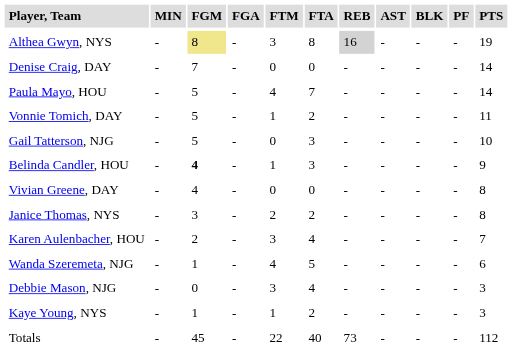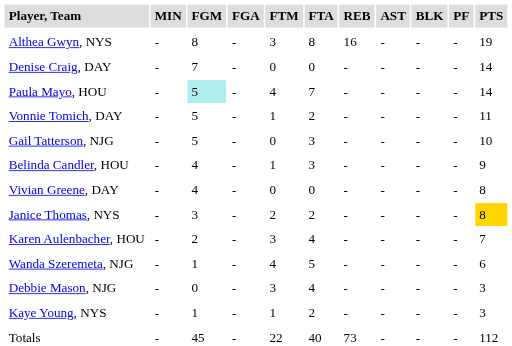 <table cellpadding=5>
 <tr bgcolor="#dddddd">
 <td><strong>Player, Team</strong></td>
 <td><strong>MIN</strong></td>
 <td><strong>FGM</strong></td>
 <td><strong>FGA</strong></td>
 <td><strong>FTM</strong></td>
 <td><strong>FTA</strong></td>
 <td><strong>REB</strong></td>
 <td><strong>AST</strong></td>
 <td><strong>BLK</strong></td>
 <td><strong>PF</strong></td>
 <td><strong>PTS</strong></td>
 </tr>
 <tr bgcolor="#eeeeee">
 </tr>
 <tr>
 <td><a href='#'>Althea Gwyn</a>, NYS</td>
 <td>-</td>
-<td style="background: khaki;">8</td>
+<td>8</td>
 <td>-</td>
 <td>3</td>
 <td>8</td>
-<td style="background: lightgrey;">16</td>
+<td>16</td>
 <td>-</td>
 <td>-</td>
 <td>-</td>
 <td>19</td>
 </tr>
 <tr>
 <td><a href='#'>Denise Craig</a>, DAY</td>
 <td>-</td>
 <td>7</td>
 <td>-</td>
 <td>0</td>
 <td>0</td>
 <td>-</td>
 <td>-</td>
 <td>-</td>
 <td>-</td>
 <td>14</td>
 </tr>
 <tr>
 <td><a href='#'>Paula Mayo</a>, HOU</td>
 <td>-</td>
-<td>5</td>
+<td style="background: paleturquoise;">5</td>
 <td>-</td>
 <td>4</td>
 <td>7</td>
 <td>-</td>
 <td>-</td>
 <td>-</td>
 <td>-</td>
 <td>14</td>
 </tr>
 <tr>
 <td><a href='#'>Vonnie Tomich</a>, DAY</td>
 <td>-</td>
 <td>5</td>
 <td>-</td>
 <td>1</td>
 <td>2</td>
 <td>-</td>
 <td>-</td>
 <td>-</td>
 <td>-</td>
 <td>11</td>
 </tr>
 <tr>
 <td><a href='#'>Gail Tatterson</a>, NJG</td>
 <td>-</td>
 <td>5</td>
 <td>-</td>
 <td>0</td>
 <td>3</td>
 <td>-</td>
 <td>-</td>
 <td>-</td>
 <td>-</td>
 <td>10</td>
 </tr>
 <tr>
 <td><a href='#'>Belinda Candler</a>, HOU</td>
 <td>-</td>
-<td><strong>4</strong></td>
+<td>4</td>
 <td>-</td>
 <td>1</td>
 <td>3</td>
 <td>-</td>
 <td>-</td>
 <td>-</td>
 <td>-</td>
 <td>9</td>
 </tr>
 <tr>
 <td><a href='#'>Vivian Greene</a>, DAY</td>
 <td>-</td>
 <td>4</td>
 <td>-</td>
 <td>0</td>
 <td>0</td>
 <td>-</td>
 <td>-</td>
 <td>-</td>
 <td>-</td>
 <td>8</td>
 </tr>
 <tr>
 <td><a href='#'>Janice Thomas</a>, NYS</td>
 <td>-</td>
 <td>3</td>
 <td>-</td>
 <td>2</td>
 <td>2</td>
 <td>-</td>
 <td>-</td>
 <td>-</td>
 <td>-</td>
-<td>8</td>
+<td style="background: gold;">8</td>
 </tr>
 <tr>
 <td><a href='#'>Karen Aulenbacher</a>, HOU</td>
 <td>-</td>
 <td>2</td>
 <td>-</td>
 <td>3</td>
 <td>4</td>
 <td>-</td>
 <td>-</td>
 <td>-</td>
 <td>-</td>
 <td>7</td>
 </tr>
 <tr>
 <td><a href='#'>Wanda Szeremeta</a>, NJG</td>
 <td>-</td>
 <td>1</td>
 <td>-</td>
 <td>4</td>
 <td>5</td>
 <td>-</td>
 <td>-</td>
 <td>-</td>
 <td>-</td>
 <td>6</td>
 </tr>
 <tr>
 <td><a href='#'>Debbie Mason</a>, NJG</td>
 <td>-</td>
 <td>0</td>
 <td>-</td>
 <td>3</td>
 <td>4</td>
 <td>-</td>
 <td>-</td>
 <td>-</td>
 <td>-</td>
 <td>3</td>
 </tr>
 <tr>
 <td><a href='#'>Kaye Young</a>, NYS</td>
 <td>-</td>
 <td>1</td>
 <td>-</td>
 <td>1</td>
 <td>2</td>
 <td>-</td>
 <td>-</td>
 <td>-</td>
 <td>-</td>
 <td>3</td>
 </tr>
 <tr>
 <td>Totals</td>
 <td>-</td>
 <td>45</td>
 <td>-</td>
 <td>22</td>
 <td>40</td>
 <td>73</td>
 <td>-</td>
 <td>-</td>
 <td>-</td>
 <td>112</td>
 </tr>
 <tr>
 </tr>
 </table>
